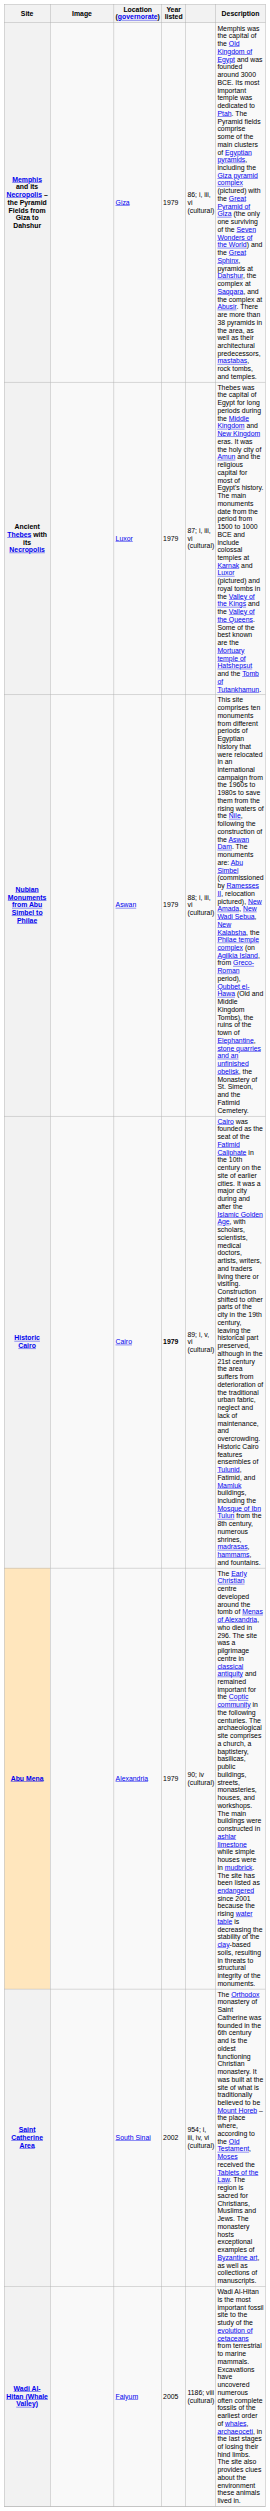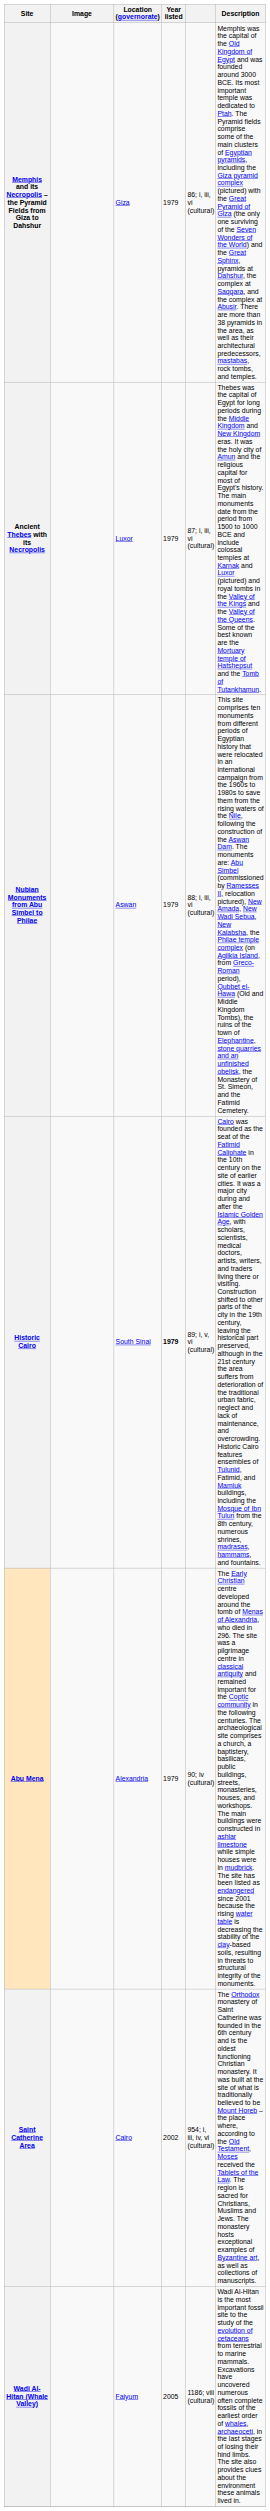 <table class="wikitable sortable plainrowheaders">
 <tr>
 <th style="width:100px;" scope="col">Site</th>
 <th class="unsortable"  style="width:150px;" scope="col">Image</th>
 <th style="width:80px;" scope="col">Location (<a href='#'>governorate</a>)</th>
 <th style="width:50px;" scope="col">Year listed</th>
 <th style="width:60px;" scope="col" data-sort-type="number"></th>
 <th scope="col" class="unsortable">Description</th>
 </tr>
 <tr>
 <th scope="row"><a href='#'>Memphis</a> and its <a href='#'>Necropolis</a> – the Pyramid Fields from Giza to Dahshur</th>
 <td></td>
 <td><a href='#'>Giza</a></td>
 <td>1979</td>
 <td>86; i, iii, vi (cultural)</td>
 <td>Memphis was the capital of the <a href='#'>Old Kingdom of Egypt</a> and was founded around 3000 BCE. Its most important temple was dedicated to <a href='#'>Ptah</a>. The Pyramid fields comprise some of the main clusters of <a href='#'>Egyptian pyramids</a>, including the <a href='#'>Giza pyramid complex</a> (pictured) with the <a href='#'>Great Pyramid of Giza</a> (the only one surviving of the <a href='#'>Seven Wonders of the World</a>) and the <a href='#'>Great Sphinx</a>, pyramids at <a href='#'>Dahshur</a>, the complex at <a href='#'>Saqqara</a>, and the complex at <a href='#'>Abusir</a>. There are more than 38 pyramids in the area, as well as their architectural predecessors, <a href='#'>mastabas</a>, rock tombs, and temples.</td>
 </tr>
 <tr>
 <th scope="row">Ancient <a href='#'>Thebes</a> with its <a href='#'>Necropolis</a></th>
 <td></td>
 <td><a href='#'>Luxor</a></td>
 <td>1979</td>
 <td>87; i, iii, vi (cultural)</td>
 <td>Thebes was the capital of Egypt for long periods during the <a href='#'>Middle Kingdom</a> and <a href='#'>New Kingdom</a> eras. It was the holy city of <a href='#'>Amun</a> and the religious capital for most of Egypt's history. The main monuments date from the period from 1500 to 1000 BCE and include colossal temples at <a href='#'>Karnak</a> and <a href='#'>Luxor</a> (pictured) and royal tombs in the <a href='#'>Valley of the Kings</a> and the <a href='#'>Valley of the Queens</a>. Some of the best known are the <a href='#'>Mortuary temple of Hatshepsut</a> and the <a href='#'>Tomb of Tutankhamun</a>.</td>
 </tr>
 <tr>
 <th scope="row"><a href='#'>Nubian Monuments from Abu Simbel to Philae</a></th>
 <td></td>
 <td><a href='#'>Aswan</a></td>
 <td>1979</td>
 <td>88; i, iii, vi (cultural)</td>
 <td>This site comprises ten monuments from different periods of Egyptian history that were relocated in an international campaign from the 1960s to 1980s to save them from the rising waters of the <a href='#'>Nile</a>, following the construction of the <a href='#'>Aswan Dam</a>. The monuments are: <a href='#'>Abu Simbel</a> (commissioned by <a href='#'>Ramesses II</a>, relocation pictured), <a href='#'>New Amada</a>, <a href='#'>New Wadi Sebua</a>, <a href='#'>New Kalabsha</a>, the <a href='#'>Philae temple complex</a> (on <a href='#'>Agilkia Island</a>, from <a href='#'>Greco-Roman</a> period), <a href='#'>Qubbet el-Hawa</a> (Old and Middle Kingdom Tombs), the ruins of the town of <a href='#'>Elephantine</a>, <a href='#'>stone quarries and an unfinished obelisk</a>, the Monastery of St. Simeon, and the Fatimid Cemetery.</td>
 </tr>
 <tr>
 <th scope="row"><a href='#'>Historic Cairo</a></th>
 <td></td>
-<td><a href='#'>Cairo</a></td>
+<td><a href='#'>South Sinai</a></td>
 <td><strong>1979</strong></td>
 <td>89; i, v, vi (cultural)</td>
 <td><a href='#'>Cairo</a> was founded as the seat of the <a href='#'>Fatimid Caliphate</a> in the 10th century on the site of earlier cities. It was a major city during and after the <a href='#'>Islamic Golden Age</a>, with scholars, scientists, medical doctors, artists, writers, and traders living there or visiting. Construction shifted to other parts of the city in the 19th century, leaving the historical part preserved, although in the 21st century the area suffers from deterioration of the traditional urban fabric, neglect and lack of maintenance, and overcrowding. Historic Cairo features ensembles of <a href='#'>Tulunid</a>, Fatimid, and <a href='#'>Mamluk</a> buildings, including the <a href='#'>Mosque of Ibn Tulun</a> from the 8th century, numerous shrines, <a href='#'>madrasas</a>, <a href='#'>hammams</a>, and fountains.</td>
 </tr>
 <tr>
 <th scope="row" style="background:#ffe6bd;"><a href='#'>Abu Mena</a></th>
 <td></td>
 <td><a href='#'>Alexandria</a></td>
 <td>1979</td>
 <td>90; iv (cultural)</td>
 <td>The <a href='#'>Early Christian</a> centre developed around the tomb of <a href='#'>Menas of Alexandria</a>, who died in 296. The site was a pilgrimage centre in <a href='#'>classical antiquity</a> and remained important for the <a href='#'>Coptic community</a> in the following centuries. The archaeological site comprises a church, a baptistery, basilicas, public buildings, streets, monasteries, houses, and workshops. The main buildings were constructed in <a href='#'>ashlar</a> <a href='#'>limestone</a> while simple houses were in <a href='#'>mudbrick</a>. The site has been listed as <a href='#'>endangered</a> since 2001 because the rising <a href='#'>water table</a> is decreasing the stability of the <a href='#'>clay</a>-based soils, resulting in threats to structural integrity of the monuments.</td>
 </tr>
 <tr>
 <th scope="row"><a href='#'>Saint Catherine Area</a></th>
 <td></td>
-<td><a href='#'>South Sinai</a></td>
+<td><a href='#'>Cairo</a></td>
 <td>2002</td>
 <td>954; i, iii, iv, vi (cultural)</td>
 <td>The <a href='#'>Orthodox</a> monastery of Saint Catherine was founded in the 6th century and is the oldest functioning Christian monastery. It was built at the site of what is traditionally believed to be <a href='#'>Mount Horeb</a> – the place where, according to the <a href='#'>Old Testament</a>, <a href='#'>Moses</a> received the <a href='#'>Tablets of the Law</a>. The region is sacred for Christians, Muslims and Jews. The monastery hosts exceptional examples of <a href='#'>Byzantine art</a>, as well as collections of manuscripts.</td>
 </tr>
 <tr>
 <th scope="row"><a href='#'>Wadi Al-Hitan (Whale Valley)</a></th>
 <td></td>
 <td><a href='#'>Faiyum</a></td>
 <td>2005</td>
 <td>1186; viii (cultural)</td>
 <td>Wadi Al-Hitan is the most important fossil site to the study of the <a href='#'>evolution of cetaceans</a> from terrestrial to marine mammals. Excavations have uncovered numerous often complete fossils of the earliest order of <a href='#'>whales</a>, <a href='#'>archaeoceti</a>, in the last stages of losing their hind limbs. The site also provides clues about the environment these animals lived in.</td>
 </tr>
 <tr>
 </tr>
 </table>
